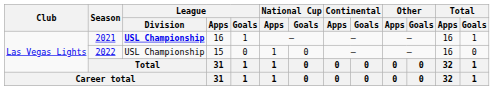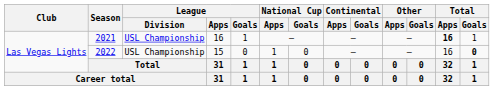 <table class=wikitable style=text-align:center>
 <tr>
 <th rowspan=2>Club</th>
 <th rowspan=2>Season</th>
 <th colspan=3>League</th>
 <th colspan=2>National Cup</th>
 <th colspan=2>Continental</th>
 <th colspan=2>Other</th>
 <th colspan=2>Total</th>
 </tr>
 <tr>
 <th>Division</th>
 <th>Apps</th>
 <th>Goals</th>
 <th>Apps</th>
 <th>Goals</th>
 <th>Apps</th>
 <th>Goals</th>
 <th>Apps</th>
 <th>Goals</th>
 <th>Apps</th>
 <th>Goals</th>
 </tr>
 <tr>
 <td rowspan="3"><a href='#'>Las Vegas Lights</a></td>
 <td><a href='#'>2021</a></td>
-<td><strong><a href='#'>USL Championship</a></strong></td>
+<td><a href='#'>USL Championship</a></td>
 <td>16</td>
 <td>1</td>
 <td colspan="2">–</td>
 <td colspan="2">–</td>
 <td colspan="2">–</td>
-<td>16</td>
+<td><strong>16</strong></td>
 <td>1</td>
 </tr>
 <tr>
 <td><a href='#'>2022</a></td>
 <td>USL Championship</td>
 <td>15</td>
 <td>0</td>
 <td>1</td>
 <td>0</td>
 <td colspan="2">–</td>
 <td colspan="2">–</td>
 <td>16</td>
-<td>0</td>
+<td><strong>0</strong></td>
 </tr>
 <tr>
 <th colspan="2">Total</th>
 <th>31</th>
 <th>1</th>
 <th>1</th>
 <th>0</th>
 <th>0</th>
 <th>0</th>
 <th>0</th>
 <th>0</th>
 <th>32</th>
 <th>1</th>
 </tr>
 <tr>
 <th colspan="3"><strong>Career total</strong></th>
 <th>31</th>
 <th>1</th>
 <th>1</th>
 <th>0</th>
 <th>0</th>
 <th>0</th>
 <th>0</th>
 <th>0</th>
 <th>32</th>
 <th>1</th>
 </tr>
 </table>
